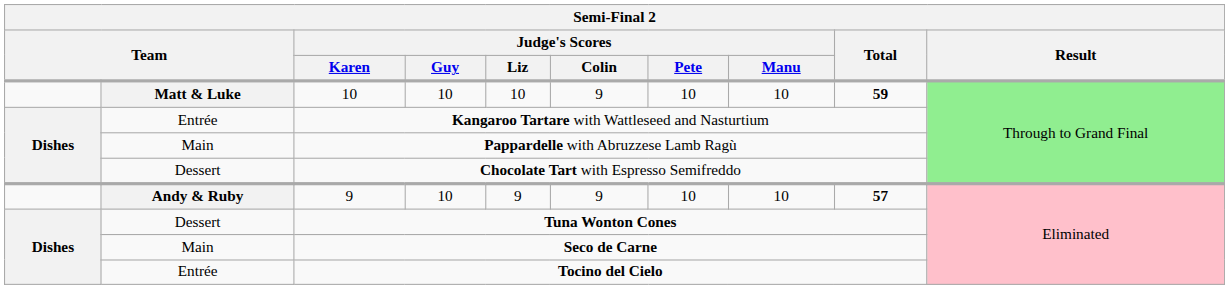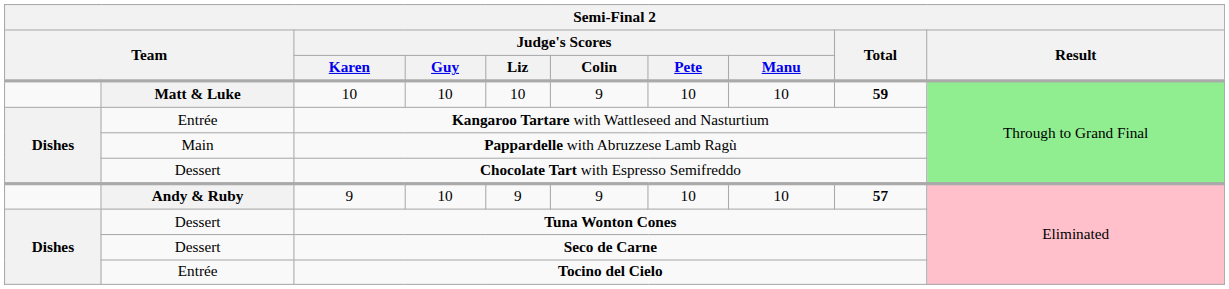 <table class="wikitable plainrowheaders" style="margin:1em auto; text-align:center; font-size:90%; width:80em;">
 <tr>
 <th colspan="10" >Semi-Final 2</th>
 </tr>
 <tr>
 <th rowspan="2" colspan="2">Team</th>
 <th colspan="6">Judge's Scores</th>
 <th rowspan="2">Total<br></th>
 <th rowspan="2">Result</th>
 </tr>
 <tr>
 <th><a href='#'>Karen</a></th>
 <th><a href='#'>Guy</a></th>
 <th>Liz</th>
 <th>Colin</th>
 <th><a href='#'>Pete</a></th>
 <th><a href='#'>Manu</a></th>
 </tr>
 <tr style="border-top:3px solid #aaa;">
 <td></td>
 <th>Matt & Luke</th>
 <td>10</td>
 <td>10</td>
 <td>10</td>
 <td>9</td>
 <td>10</td>
 <td>10</td>
 <td><strong>59</strong></td>
 <td rowspan="4" style="background:lightgreen">Through to Grand Final</td>
 </tr>
 <tr>
 <th rowspan="3">Dishes</th>
 <td>Entrée</td>
 <td colspan="7"><strong>Kangaroo Tartare</strong> with Wattleseed and Nasturtium</td>
 </tr>
 <tr>
 <td>Main</td>
 <td colspan="7"><strong>Pappardelle</strong> with Abruzzese Lamb Ragù</td>
 </tr>
 <tr>
 <td>Dessert</td>
 <td colspan="7"><strong>Chocolate Tart</strong> with Espresso Semifreddo</td>
 </tr>
 <tr style="border-top:3px solid #aaa;">
 </tr>
 <tr>
 <td></td>
 <th>Andy & Ruby</th>
 <td>9</td>
 <td>10</td>
 <td>9</td>
 <td>9</td>
 <td>10</td>
 <td>10</td>
 <td><strong>57</strong></td>
 <td style="background:pink" rowspan="4">Eliminated</td>
 </tr>
 <tr>
 <th rowspan="3">Dishes</th>
 <td>Dessert</td>
 <td colspan="7"><strong>Tuna Wonton Cones</strong></td>
 </tr>
 <tr>
-<td>Main</td>
+<td>Dessert</td>
 <td colspan="7"><strong>Seco de Carne</strong></td>
 </tr>
 <tr>
 <td>Entrée</td>
 <td colspan="7"><strong>Tocino del Cielo</strong></td>
 </tr>
 </table>
